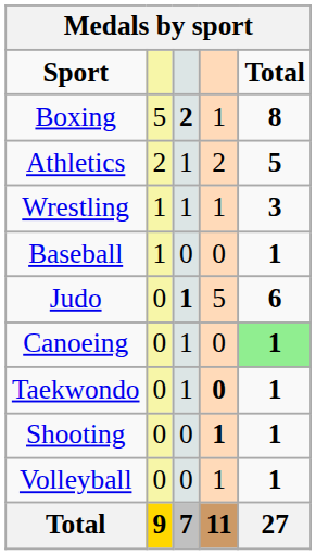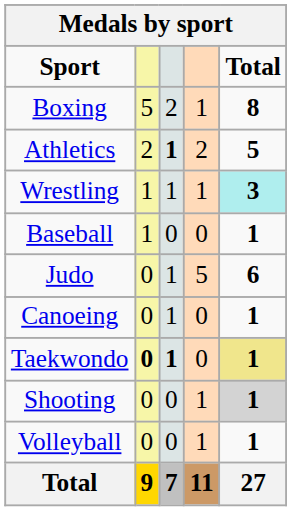 <table class="wikitable" style="font-size:85%; float: right;">
 <tr style="background:#efefef;">
 <th colspan=5>Medals by sport</th>
 </tr>
 <tr align=center>
 <td><strong>Sport</strong></td>
 <td bgcolor=#f7f6a8></td>
 <td bgcolor=#dce5e5></td>
 <td bgcolor=#ffdab9></td>
 <td><strong>Total</strong></td>
 </tr>
 <tr align=center>
 <td><a href='#'>Boxing</a></td>
 <td style="background:#F7F6A8;">5</td>
-<td style="background:#DCE5E5;"><strong>2</strong></td>
+<td style="background:#DCE5E5;">2</td>
 <td style="background:#FFDAB9;">1</td>
 <td><strong>8</strong></td>
 </tr>
 <tr align=center>
 <td><a href='#'>Athletics</a></td>
 <td style="background:#F7F6A8;">2</td>
-<td style="background:#DCE5E5;">1</td>
+<td style="background:#DCE5E5;"><strong>1</strong></td>
 <td style="background:#FFDAB9;">2</td>
 <td><strong>5</strong></td>
 </tr>
 <tr align=center>
 <td><a href='#'>Wrestling</a></td>
 <td style="background:#F7F6A8;">1</td>
 <td style="background:#DCE5E5;">1</td>
 <td style="background:#FFDAB9;">1</td>
-<td><strong>3</strong></td>
+<td style="background: paleturquoise;"><strong>3</strong></td>
 </tr>
 <tr align=center>
 <td><a href='#'>Baseball</a></td>
 <td style="background:#F7F6A8;">1</td>
 <td style="background:#DCE5E5;">0</td>
 <td style="background:#FFDAB9;">0</td>
 <td><strong>1</strong></td>
 </tr>
 <tr align=center>
 <td><a href='#'>Judo</a></td>
 <td style="background:#F7F6A8;">0</td>
-<td style="background:#DCE5E5;"><strong>1</strong></td>
+<td style="background:#DCE5E5;">1</td>
 <td style="background:#FFDAB9;">5</td>
 <td><strong>6</strong></td>
 </tr>
 <tr align=center>
 <td><a href='#'>Canoeing</a></td>
 <td style="background:#F7F6A8;">0</td>
 <td style="background:#DCE5E5;">1</td>
 <td style="background:#FFDAB9;">0</td>
-<td style="background: lightgreen;"><strong>1</strong></td>
+<td><strong>1</strong></td>
 </tr>
 <tr align=center>
 <td><a href='#'>Taekwondo</a></td>
-<td style="background:#F7F6A8;">0</td>
-<td style="background:#DCE5E5;">1</td>
-<td style="background:#FFDAB9;"><strong>0</strong></td>
-<td><strong>1</strong></td>
+<td style="background:#F7F6A8;"><strong>0</strong></td>
+<td style="background:#DCE5E5;"><strong>1</strong></td>
+<td style="background:#FFDAB9;">0</td>
+<td style="background: khaki;"><strong>1</strong></td>
 </tr>
 <tr align=center>
 <td><a href='#'>Shooting</a></td>
 <td style="background:#F7F6A8;">0</td>
 <td style="background:#DCE5E5;">0</td>
-<td style="background:#FFDAB9;"><strong>1</strong></td>
-<td><strong>1</strong></td>
+<td style="background:#FFDAB9;">1</td>
+<td style="background: lightgrey;"><strong>1</strong></td>
 </tr>
 <tr align=center>
 <td><a href='#'>Volleyball</a></td>
 <td style="background:#F7F6A8;">0</td>
 <td style="background:#DCE5E5;">0</td>
 <td style="background:#FFDAB9;">1</td>
 <td><strong>1</strong></td>
 </tr>
 <tr align=center>
 <th>Total</th>
 <th style="background:gold;">9</th>
 <th style="background:silver;">7</th>
 <th style="background:#c96;">11</th>
 <th>27</th>
 </tr>
 </table>
